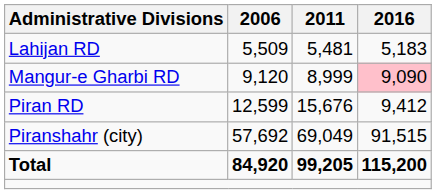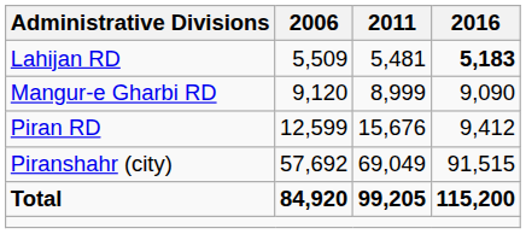 <table class="wikitable">
 <tr>
 <th>Administrative Divisions</th>
 <th>2006</th>
 <th>2011</th>
 <th>2016</th>
 </tr>
 <tr>
 <td><a href='#'>Lahijan RD</a></td>
 <td style="text-align: right;">5,509</td>
 <td style="text-align: right;">5,481</td>
-<td style="text-align: right;">5,183</td>
+<td style="text-align: right;"><strong>5,183</strong></td>
 </tr>
 <tr>
 <td><a href='#'>Mangur-e Gharbi RD</a></td>
 <td style="text-align: right;">9,120</td>
 <td style="text-align: right;">8,999</td>
-<td style="background: pink; text-align: right;">9,090</td>
+<td style="text-align: right;">9,090</td>
 </tr>
 <tr>
 <td><a href='#'>Piran RD</a></td>
 <td style="text-align: right;">12,599</td>
 <td style="text-align: right;">15,676</td>
 <td style="text-align: right;">9,412</td>
 </tr>
 <tr>
 <td><a href='#'>Piranshahr</a> (city)</td>
 <td style="text-align: right;">57,692</td>
 <td style="text-align: right;">69,049</td>
 <td style="text-align: right;">91,515</td>
 </tr>
 <tr>
 <td><strong>Total</strong></td>
 <td style="text-align: right;"><strong>84,920</strong></td>
 <td style="text-align: right;"><strong>99,205</strong></td>
 <td style="text-align: right;"><strong>115,200</strong></td>
 </tr>
 <tr>
 <td colspan=4></td>
 </tr>
 </table>
